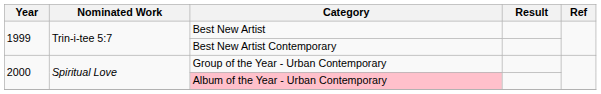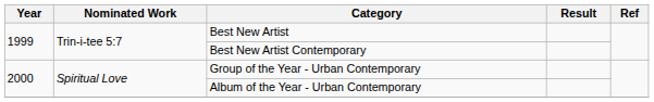 <table class="wikitable" width="100%">
 <tr>
 <th>Year</th>
 <th>Nominated Work</th>
 <th>Category</th>
 <th>Result</th>
 <th>Ref</th>
 </tr>
 <tr>
 <td rowspan="2">1999</td>
 <td rowspan="2">Trin-i-tee 5:7</td>
 <td>Best New Artist</td>
 <td></td>
 <td rowspan="2" align="center"></td>
 </tr>
 <tr>
 <td>Best New Artist Contemporary</td>
 <td></td>
 </tr>
 <tr>
 <td rowspan="2">2000</td>
 <td rowspan="2"><em>Spiritual Love</em></td>
 <td>Group of the Year - Urban Contemporary</td>
 <td></td>
 <td rowspan="2" align="center"></td>
 </tr>
 <tr>
-<td style="background: pink;">Album of the Year - Urban Contemporary</td>
+<td>Album of the Year - Urban Contemporary</td>
 <td></td>
 </tr>
 <tr>
 </tr>
 </table>
